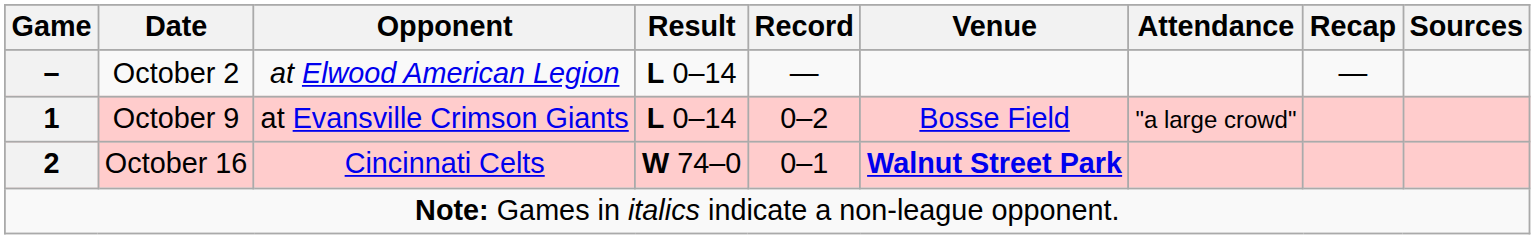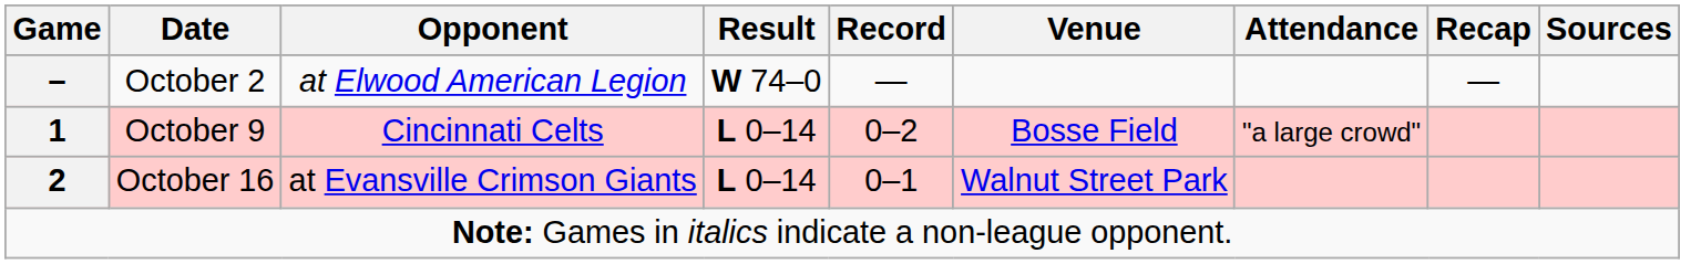 <table class="wikitable" style="text-align:center">
 <tr>
 <th>Game</th>
 <th>Date</th>
 <th>Opponent</th>
 <th>Result</th>
 <th>Record</th>
 <th>Venue</th>
 <th>Attendance</th>
 <th>Recap</th>
 <th>Sources</th>
 </tr>
 <tr>
 <th>–</th>
 <td>October 2</td>
 <td><em>at <a href='#'>Elwood American Legion</a></em></td>
-<td><strong>L</strong> 0–14</td>
+<td><strong>W</strong> 74–0</td>
 <td>—</td>
 <td></td>
 <td></td>
 <td>—</td>
 <td></td>
 </tr>
 <tr style="background:#fcc">
 <th>1</th>
 <td>October 9</td>
-<td>at <a href='#'>Evansville Crimson Giants</a></td>
+<td><a href='#'>Cincinnati Celts</a></td>
 <td><strong>L</strong> 0–14</td>
 <td>0–2</td>
 <td><a href='#'>Bosse Field</a></td>
 <td><small>"a large crowd"</small></td>
 <td></td>
 <td></td>
 </tr>
 <tr style="background:#fcc">
 <th>2</th>
 <td>October 16</td>
-<td><a href='#'>Cincinnati Celts</a></td>
-<td><strong>W</strong> 74–0</td>
+<td>at <a href='#'>Evansville Crimson Giants</a></td>
+<td><strong>L</strong> 0–14</td>
 <td>0–1</td>
-<td><strong><a href='#'>Walnut Street Park</a></strong></td>
+<td><a href='#'>Walnut Street Park</a></td>
 <td></td>
 <td></td>
 <td></td>
 </tr>
 <tr>
 <td colspan="10"><strong>Note:</strong> Games in <em>italics</em> indicate a non-league opponent.</td>
 </tr>
 </table>
